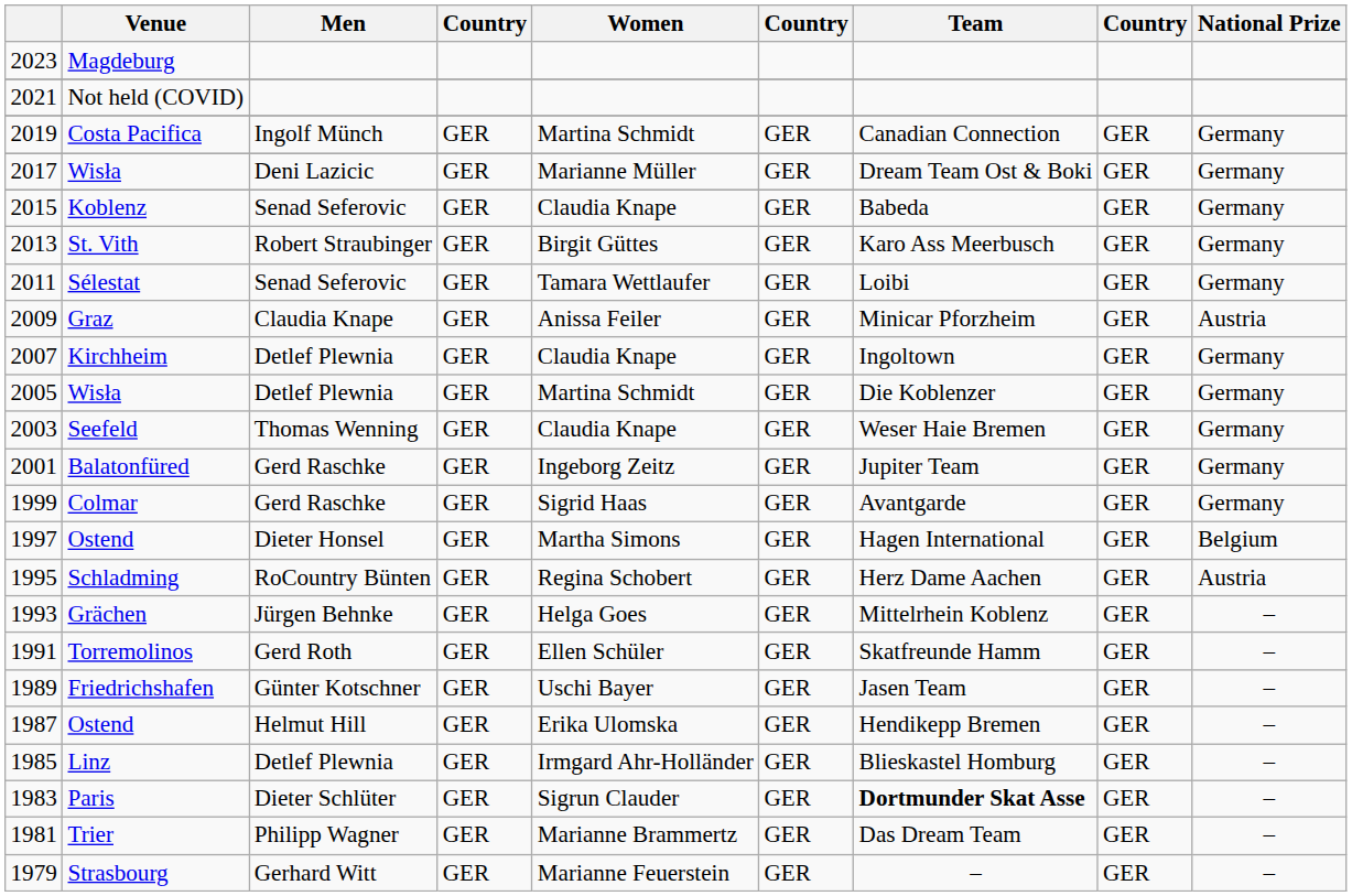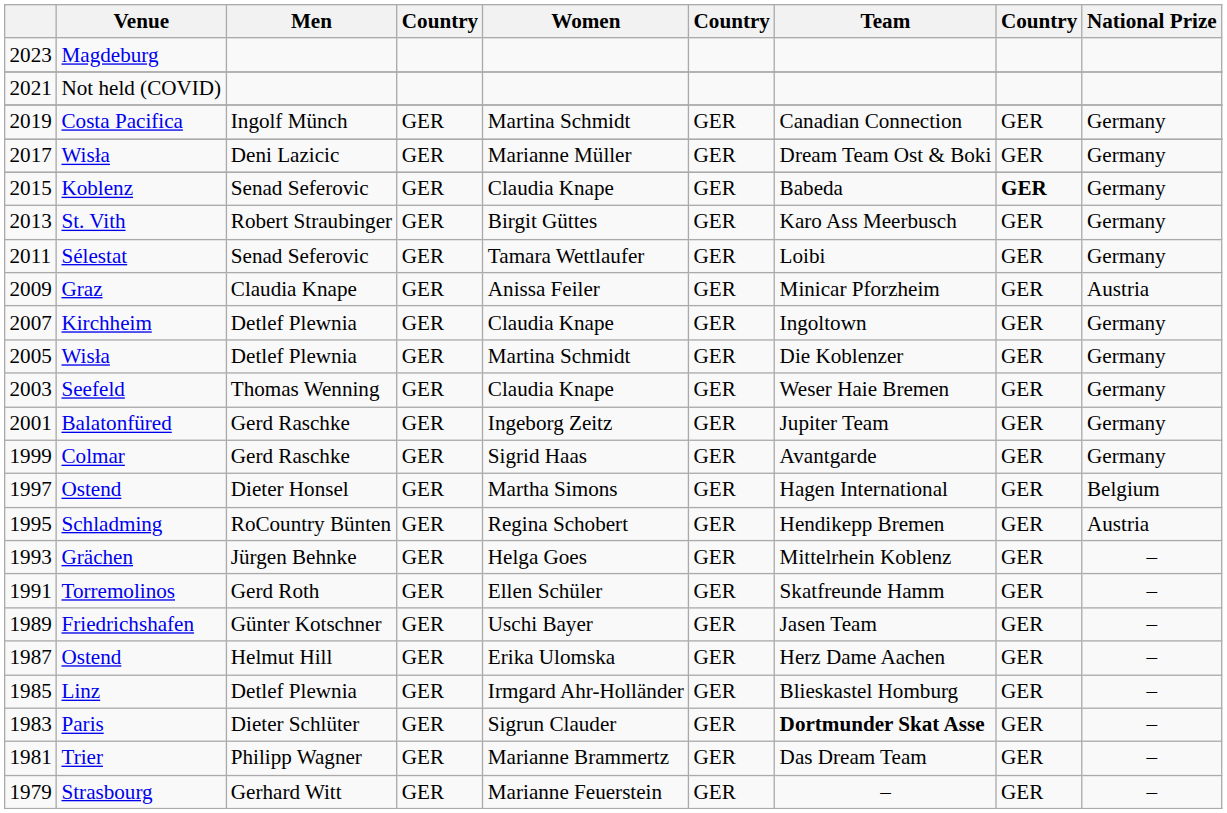 <table class="wikitable">
 <tr class="hintergrundfarbe8">
 <th></th>
 <th>Venue</th>
 <th>Men</th>
 <th>Country</th>
 <th>Women</th>
 <th>Country</th>
 <th>Team</th>
 <th>Country</th>
 <th>National Prize</th>
 </tr>
 <tr>
 <td>2023</td>
 <td><a href='#'>Magdeburg</a> </td>
 <td></td>
 <td></td>
 <td></td>
 <td></td>
 <td></td>
 <td></td>
 <td></td>
 </tr>
 <tr>
 </tr>
 <tr>
 <td>2021</td>
 <td>Not held (COVID)</td>
 <td></td>
 <td></td>
 <td></td>
 <td></td>
 <td></td>
 <td></td>
 <td></td>
 </tr>
 <tr>
 </tr>
 <tr>
 <td>2019</td>
 <td><a href='#'>Costa Pacifica</a> </td>
 <td>Ingolf Münch</td>
 <td>GER</td>
 <td>Martina Schmidt</td>
 <td>GER</td>
 <td>Canadian Connection</td>
 <td>GER</td>
 <td>Germany</td>
 </tr>
 <tr>
 </tr>
 <tr>
 <td>2017</td>
 <td><a href='#'>Wisła</a> </td>
 <td>Deni Lazicic</td>
 <td>GER</td>
 <td>Marianne Müller</td>
 <td>GER</td>
 <td>Dream Team Ost & Boki</td>
 <td>GER</td>
 <td>Germany</td>
 </tr>
 <tr>
 </tr>
 <tr>
 <td>2015</td>
 <td><a href='#'>Koblenz</a> </td>
 <td>Senad Seferovic</td>
 <td>GER</td>
 <td>Claudia Knape</td>
 <td>GER</td>
 <td>Babeda</td>
-<td>GER</td>
+<td><strong>GER</strong></td>
 <td>Germany</td>
 </tr>
 <tr>
 <td>2013</td>
 <td><a href='#'>St. Vith</a> </td>
 <td>Robert Straubinger</td>
 <td>GER</td>
 <td>Birgit Güttes</td>
 <td>GER</td>
 <td>Karo Ass Meerbusch</td>
 <td>GER</td>
 <td>Germany</td>
 </tr>
 <tr>
 <td>2011</td>
 <td><a href='#'>Sélestat</a> </td>
 <td>Senad Seferovic</td>
 <td>GER</td>
 <td>Tamara Wettlaufer</td>
 <td>GER</td>
 <td>Loibi</td>
 <td>GER</td>
 <td>Germany</td>
 </tr>
 <tr>
 <td>2009</td>
 <td><a href='#'>Graz</a> </td>
 <td>Claudia Knape</td>
 <td>GER</td>
 <td>Anissa Feiler</td>
 <td>GER</td>
 <td>Minicar Pforzheim</td>
 <td>GER</td>
 <td>Austria</td>
 </tr>
 <tr>
 <td>2007</td>
 <td><a href='#'>Kirchheim</a> </td>
 <td>Detlef Plewnia</td>
 <td>GER</td>
 <td>Claudia Knape</td>
 <td>GER</td>
 <td>Ingoltown</td>
 <td>GER</td>
 <td>Germany</td>
 </tr>
 <tr>
 <td>2005</td>
 <td><a href='#'>Wisła</a> </td>
 <td>Detlef Plewnia</td>
 <td>GER</td>
 <td>Martina Schmidt</td>
 <td>GER</td>
 <td>Die Koblenzer</td>
 <td>GER</td>
 <td>Germany</td>
 </tr>
 <tr>
 <td>2003</td>
 <td><a href='#'>Seefeld</a> </td>
 <td>Thomas Wenning</td>
 <td>GER</td>
 <td>Claudia Knape</td>
 <td>GER</td>
 <td>Weser Haie Bremen</td>
 <td>GER</td>
 <td>Germany</td>
 </tr>
 <tr>
 <td>2001</td>
 <td><a href='#'>Balatonfüred</a> </td>
 <td>Gerd Raschke</td>
 <td>GER</td>
 <td>Ingeborg Zeitz</td>
 <td>GER</td>
 <td>Jupiter Team</td>
 <td>GER</td>
 <td>Germany</td>
 </tr>
 <tr>
 <td>1999</td>
 <td><a href='#'>Colmar</a> </td>
 <td>Gerd Raschke</td>
 <td>GER</td>
 <td>Sigrid Haas</td>
 <td>GER</td>
 <td>Avantgarde</td>
 <td>GER</td>
 <td>Germany</td>
 </tr>
 <tr>
 <td>1997</td>
 <td><a href='#'>Ostend</a> </td>
 <td>Dieter Honsel</td>
 <td>GER</td>
 <td>Martha Simons</td>
 <td>GER</td>
 <td>Hagen International</td>
 <td>GER</td>
 <td>Belgium</td>
 </tr>
 <tr>
 <td>1995</td>
 <td><a href='#'>Schladming</a> </td>
 <td>RoCountry Bünten</td>
 <td>GER</td>
 <td>Regina Schobert</td>
 <td>GER</td>
-<td>Herz Dame Aachen</td>
+<td>Hendikepp Bremen</td>
 <td>GER</td>
 <td>Austria</td>
 </tr>
 <tr>
 <td>1993</td>
 <td><a href='#'>Grächen</a> </td>
 <td>Jürgen Behnke</td>
 <td>GER</td>
 <td>Helga Goes</td>
 <td>GER</td>
 <td>Mittelrhein Koblenz</td>
 <td>GER</td>
 <td style="text-align:center">–</td>
 </tr>
 <tr>
 <td>1991</td>
 <td><a href='#'>Torremolinos</a> </td>
 <td>Gerd Roth</td>
 <td>GER</td>
 <td>Ellen Schüler</td>
 <td>GER</td>
 <td>Skatfreunde Hamm</td>
 <td>GER</td>
 <td style="text-align:center">–</td>
 </tr>
 <tr>
 <td>1989</td>
 <td><a href='#'>Friedrichshafen</a> </td>
 <td>Günter Kotschner</td>
 <td>GER</td>
 <td>Uschi Bayer</td>
 <td>GER</td>
 <td>Jasen Team</td>
 <td>GER</td>
 <td style="text-align:center">–</td>
 </tr>
 <tr>
 <td>1987</td>
 <td><a href='#'>Ostend</a> </td>
 <td>Helmut Hill</td>
 <td>GER</td>
 <td>Erika Ulomska</td>
 <td>GER</td>
-<td>Hendikepp Bremen</td>
+<td>Herz Dame Aachen</td>
 <td>GER</td>
 <td style="text-align:center">–</td>
 </tr>
 <tr>
 <td>1985</td>
 <td><a href='#'>Linz</a> </td>
 <td>Detlef Plewnia</td>
 <td>GER</td>
 <td>Irmgard Ahr-Holländer</td>
 <td>GER</td>
 <td>Blieskastel Homburg</td>
 <td>GER</td>
 <td style="text-align:center">–</td>
 </tr>
 <tr>
 <td>1983</td>
 <td><a href='#'>Paris</a> </td>
 <td>Dieter Schlüter</td>
 <td>GER</td>
 <td>Sigrun Clauder</td>
 <td>GER</td>
 <td><strong>Dortmunder Skat Asse</strong></td>
 <td>GER</td>
 <td style="text-align:center">–</td>
 </tr>
 <tr>
 <td>1981</td>
 <td><a href='#'>Trier</a> </td>
 <td>Philipp Wagner</td>
 <td>GER</td>
 <td>Marianne Brammertz</td>
 <td>GER</td>
 <td>Das Dream Team</td>
 <td>GER</td>
 <td style="text-align:center">–</td>
 </tr>
 <tr>
 <td>1979</td>
 <td><a href='#'>Strasbourg</a> </td>
 <td>Gerhard Witt</td>
 <td>GER</td>
 <td>Marianne Feuerstein</td>
 <td>GER</td>
 <td style="text-align:center">–</td>
 <td>GER</td>
 <td style="text-align:center">–</td>
 </tr>
 </table>
